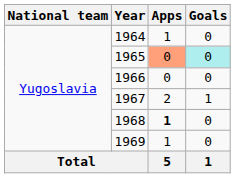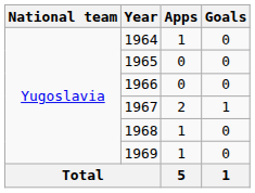 <table class="wikitable" style="text-align:center">
 <tr>
 <th>National team</th>
 <th>Year</th>
 <th>Apps</th>
 <th>Goals</th>
 </tr>
 <tr>
 <td rowspan="6"><a href='#'>Yugoslavia</a></td>
 <td>1964</td>
 <td>1</td>
 <td>0</td>
 </tr>
 <tr>
 <td>1965</td>
-<td style="background: lightsalmon;">0</td>
-<td style="background: paleturquoise;">0</td>
+<td>0</td>
+<td>0</td>
 </tr>
 <tr>
 <td>1966</td>
 <td>0</td>
 <td>0</td>
 </tr>
 <tr>
 <td>1967</td>
 <td>2</td>
 <td>1</td>
 </tr>
 <tr>
 <td>1968</td>
-<td><strong>1</strong></td>
+<td>1</td>
 <td>0</td>
 </tr>
 <tr>
 <td>1969</td>
 <td>1</td>
 <td>0</td>
 </tr>
 <tr>
 <th colspan="2">Total</th>
 <th>5</th>
 <th>1</th>
 </tr>
 </table>
